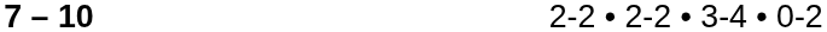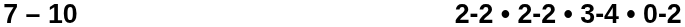 <table>
 <tr>
 <th width=200></th>
 <th width=80></th>
 <th width=200></th>
 <th width=220></th>
 </tr>
 <tr>
 <td align=right></td>
 <td align=center><strong>7 – 10</strong></td>
 <td><strong></strong></td>
-<td>2-2 • 2-2 • 3-4 • 0-2</td>
+<td><strong>2-2 • 2-2 • 3-4 • 0-2</strong></td>
 </tr>
 </table>
